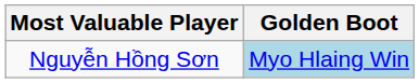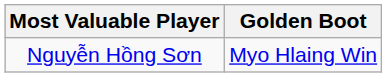 <table class="wikitable" style="text-align:center; margin:auto;">
 <tr>
 <th>Most Valuable Player</th>
 <th>Golden Boot</th>
 </tr>
 <tr>
 <td> <a href='#'>Nguyễn Hồng Sơn</a></td>
-<td style="background: lightblue;"> <a href='#'>Myo Hlaing Win</a></td>
+<td> <a href='#'>Myo Hlaing Win</a></td>
 </tr>
 </table>
